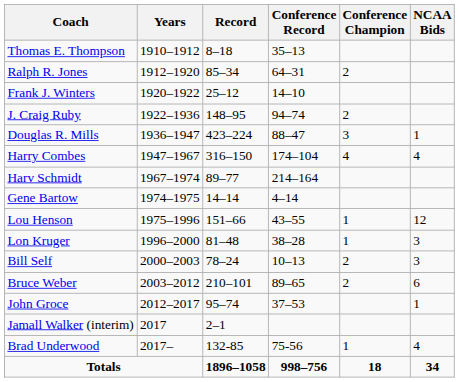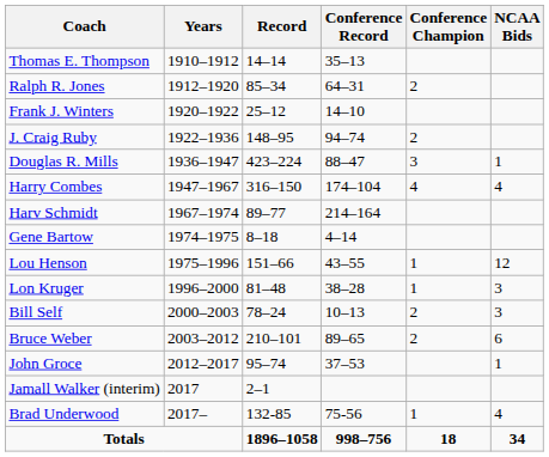 <table class="wikitable">
 <tr>
 <th><strong>Coach</strong></th>
 <th><strong>Years</strong></th>
 <th><strong>Record</strong></th>
 <th><strong>Conference</strong><br><strong>Record</strong></th>
 <th>Conference<br>Champion</th>
 <th>NCAA<br>Bids</th>
 </tr>
 <tr>
 <td style="text-align:left"><a href='#'>Thomas E. Thompson</a></td>
 <td>1910–1912</td>
-<td>8–18</td>
+<td>14–14</td>
 <td>35–13</td>
 <td></td>
 <td></td>
 </tr>
 <tr>
 <td style="text-align:left"><a href='#'>Ralph R. Jones</a></td>
 <td>1912–1920</td>
 <td>85–34</td>
 <td>64–31</td>
 <td>2</td>
 <td></td>
 </tr>
 <tr>
 <td style="text-align:left"><a href='#'>Frank J. Winters</a></td>
 <td>1920–1922</td>
 <td>25–12</td>
 <td>14–10</td>
 <td></td>
 <td></td>
 </tr>
 <tr>
 <td style="text-align:left"><a href='#'>J. Craig Ruby</a></td>
 <td>1922–1936</td>
 <td>148–95</td>
 <td>94–74</td>
 <td>2</td>
 <td></td>
 </tr>
 <tr>
 <td style="text-align:left"><a href='#'>Douglas R. Mills</a></td>
 <td>1936–1947</td>
 <td>423–224</td>
 <td>88–47</td>
 <td>3</td>
 <td>1</td>
 </tr>
 <tr>
 <td style="text-align:left"><a href='#'>Harry Combes</a></td>
 <td>1947–1967</td>
 <td>316–150</td>
 <td>174–104</td>
 <td>4</td>
 <td>4</td>
 </tr>
 <tr>
 <td style="text-align:left"><a href='#'>Harv Schmidt</a></td>
 <td>1967–1974</td>
 <td>89–77</td>
 <td>214–164</td>
 <td></td>
 <td></td>
 </tr>
 <tr>
 <td style="text-align:left"><a href='#'>Gene Bartow</a></td>
 <td>1974–1975</td>
-<td>14–14</td>
+<td>8–18</td>
 <td>4–14</td>
 <td></td>
 <td></td>
 </tr>
 <tr>
 <td style="text-align:left"><a href='#'>Lou Henson</a></td>
 <td>1975–1996</td>
 <td>151–66</td>
 <td>43–55</td>
 <td>1</td>
 <td>12</td>
 </tr>
 <tr>
 <td style="text-align:left"><a href='#'>Lon Kruger</a></td>
 <td>1996–2000</td>
 <td>81–48</td>
 <td>38–28</td>
 <td>1</td>
 <td>3</td>
 </tr>
 <tr>
 <td style="text-align:left"><a href='#'>Bill Self</a></td>
 <td>2000–2003</td>
 <td>78–24</td>
 <td>10–13</td>
 <td>2</td>
 <td>3</td>
 </tr>
 <tr>
 <td style="text-align:left"><a href='#'>Bruce Weber</a></td>
 <td>2003–2012</td>
 <td>210–101</td>
 <td>89–65</td>
 <td>2</td>
 <td>6</td>
 </tr>
 <tr>
 <td style="text-align:left"><a href='#'>John Groce</a></td>
 <td>2012–2017</td>
 <td>95–74</td>
 <td>37–53</td>
 <td></td>
 <td>1</td>
 </tr>
 <tr>
 <td style="text-align:left"><a href='#'>Jamall Walker</a> (interim)</td>
 <td>2017</td>
 <td>2–1</td>
 <td></td>
 <td></td>
 <td></td>
 </tr>
 <tr>
 <td style="text-align:left"><a href='#'>Brad Underwood</a></td>
 <td>2017–</td>
 <td>132-85</td>
 <td>75-56</td>
 <td>1</td>
 <td>4</td>
 </tr>
 <tr style="text-align:center; ">
 <td colspan="2"><strong>Totals</strong></td>
 <td><strong>1896–1058</strong></td>
 <td><strong>998–756</strong></td>
 <td><strong>18</strong></td>
 <td><strong>34</strong></td>
 </tr>
 </table>
